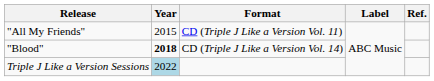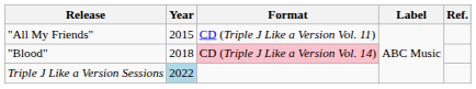 <table class="wikitable">
 <tr>
 <th>Release</th>
 <th>Year</th>
 <th>Format</th>
 <th>Label</th>
 <th>Ref.</th>
 </tr>
 <tr>
 <td>"All My Friends"</td>
 <td>2015</td>
 <td><a href='#'>CD</a> (<em>Triple J Like a Version Vol. 11</em>)</td>
 <td rowspan="3">ABC Music</td>
 <td></td>
 </tr>
 <tr>
 <td>"Blood"</td>
-<td><strong>2018</strong></td>
-<td>CD (<em>Triple J Like a Version Vol. 14</em>)</td>
+<td>2018</td>
+<td style="background: pink;">CD (<em>Triple J Like a Version Vol. 14</em>)</td>
 <td></td>
 </tr>
 <tr>
 <td><em>Triple J Like a Version Sessions</em></td>
 <td style="background: lightblue;">2022</td>
 <td></td>
 <td></td>
 </tr>
 </table>
